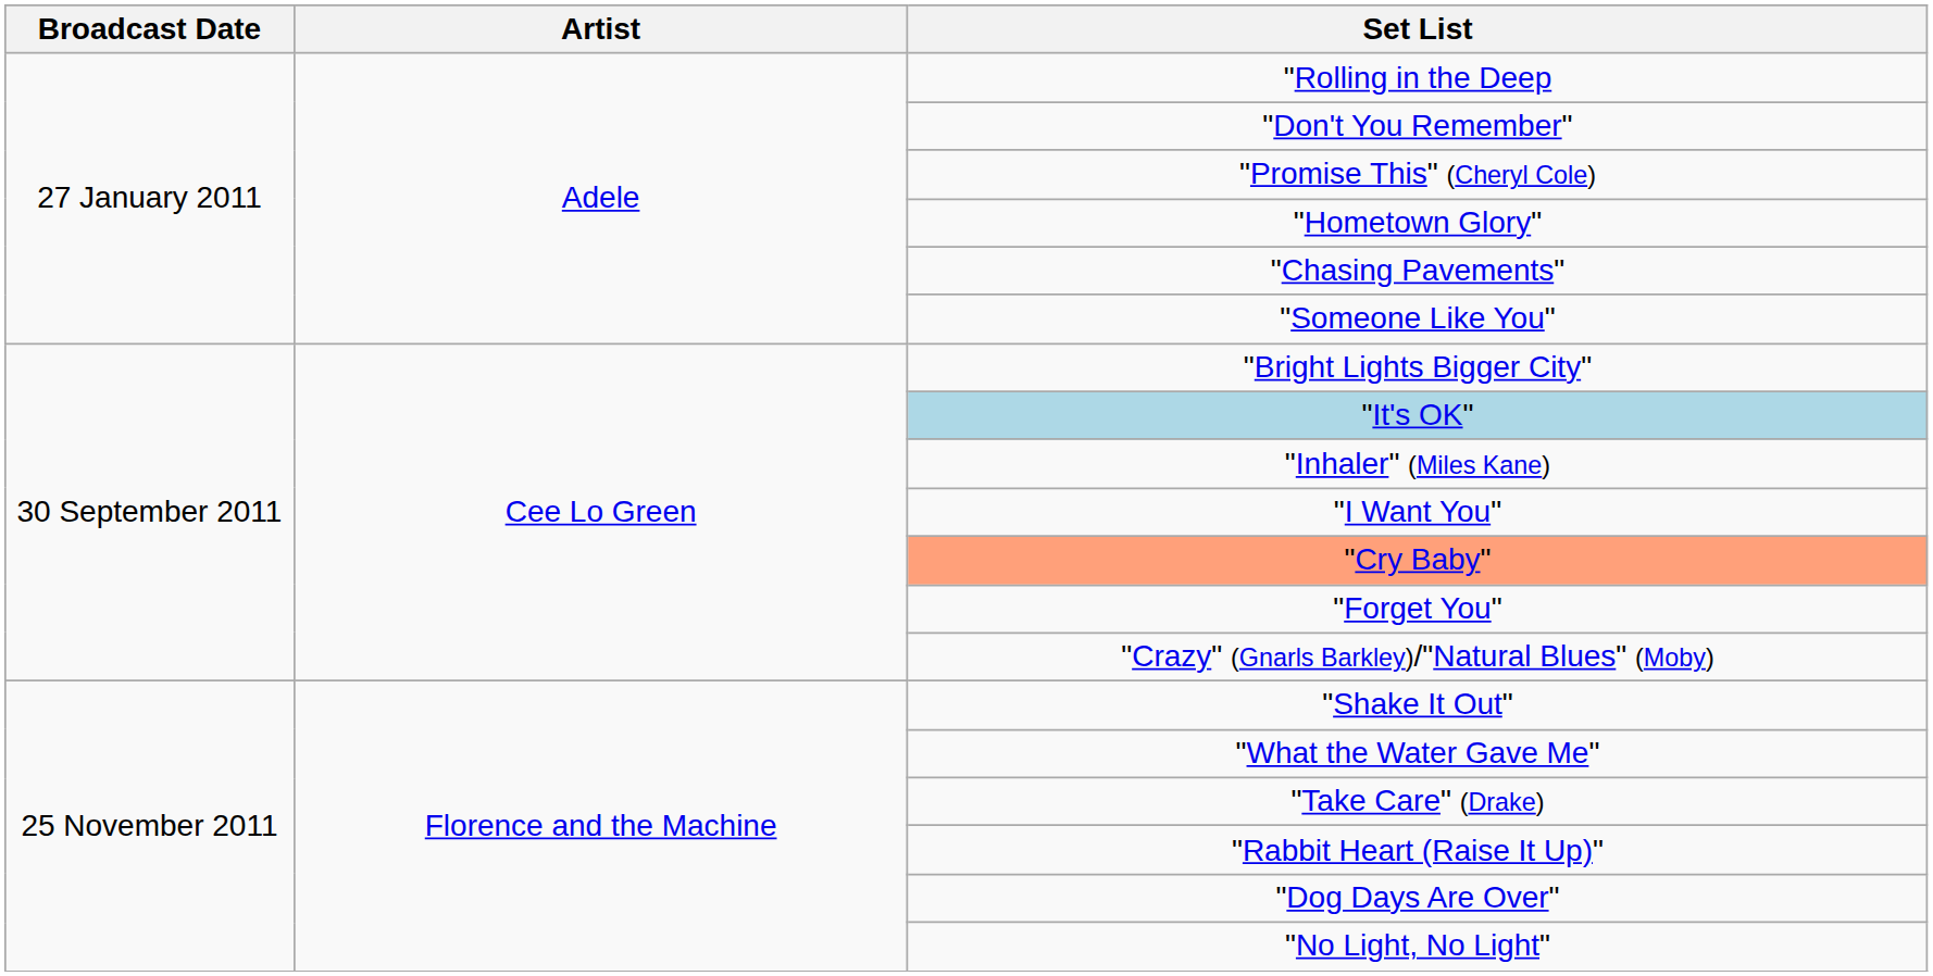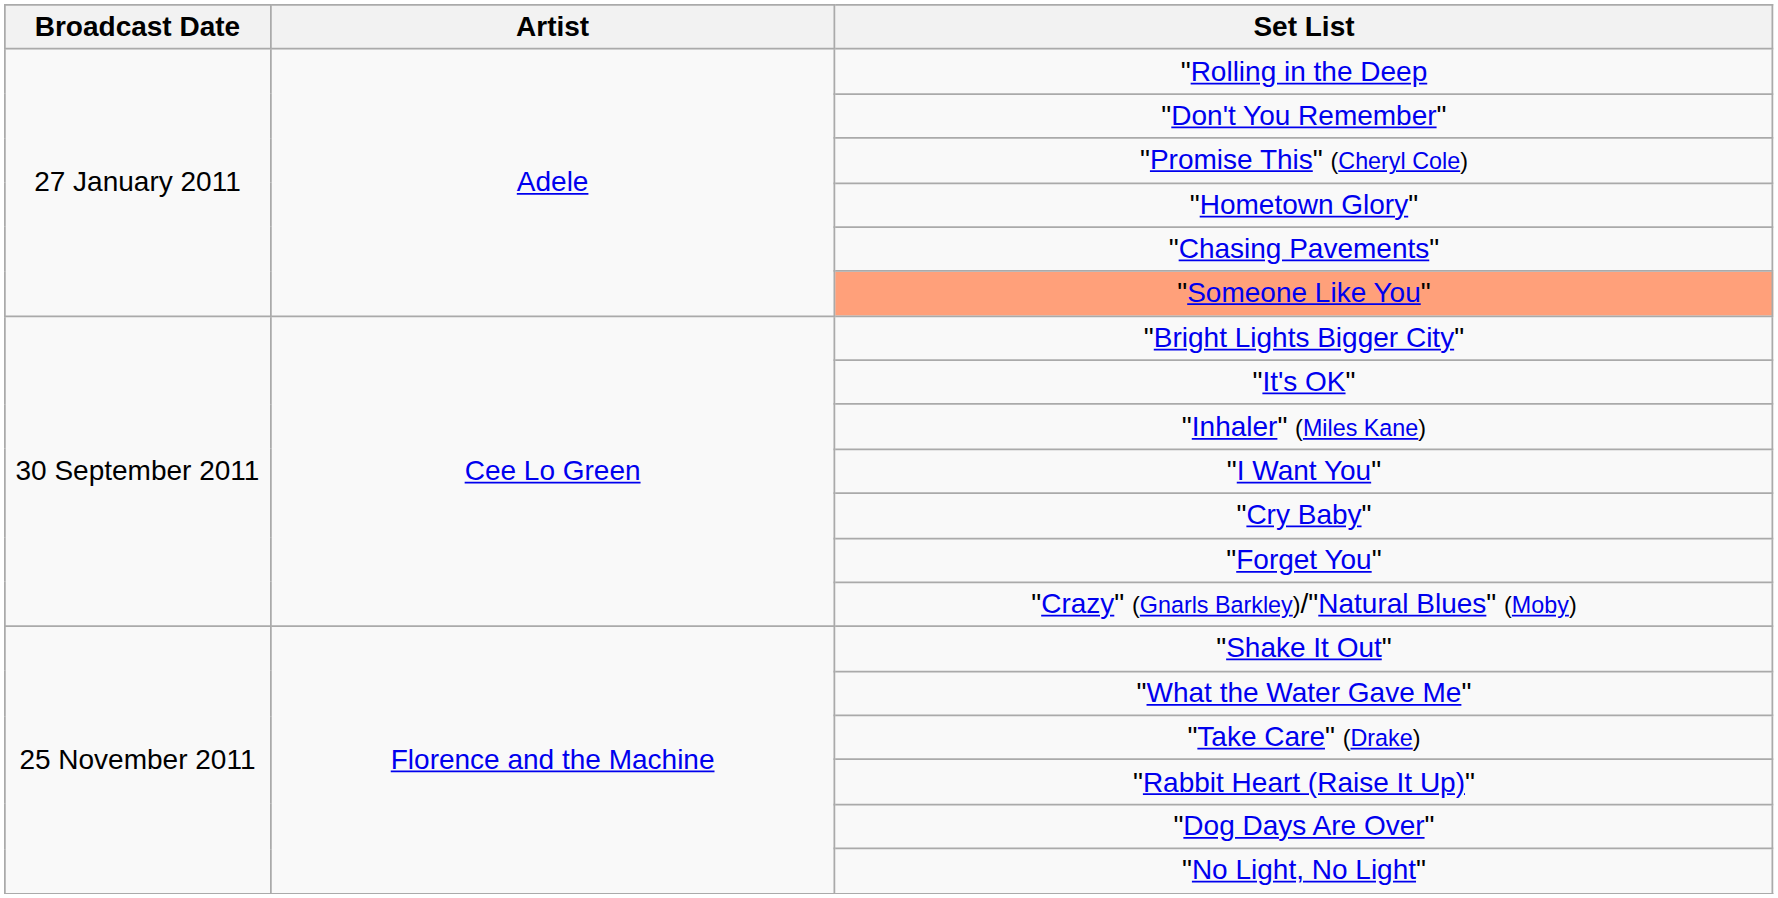 <table class="wikitable" style="text-align:center" width=80%>
 <tr>
 <th width=15%>Broadcast Date</th>
 <th>Artist</th>
 <th>Set List</th>
 </tr>
 <tr>
 <td Rowspan='6'>27 January 2011</td>
 <td Rowspan='6'><a href='#'>Adele</a></td>
 <td>"<a href='#'>Rolling in the Deep</a></td>
 </tr>
 <tr>
 <td>"<a href='#'>Don't You Remember</a>"</td>
 </tr>
 <tr>
 <td>"<a href='#'>Promise This</a>" <small>(<a href='#'>Cheryl Cole</a>)</small></td>
 </tr>
 <tr>
 <td>"<a href='#'>Hometown Glory</a>"</td>
 </tr>
 <tr>
 <td>"<a href='#'>Chasing Pavements</a>"</td>
 </tr>
 <tr>
-<td>"<a href='#'>Someone Like You</a>"</td>
+<td style="background: lightsalmon;">"<a href='#'>Someone Like You</a>"</td>
 </tr>
 <tr>
 <td Rowspan='7'>30 September 2011</td>
 <td Rowspan='7'><a href='#'>Cee Lo Green</a></td>
 <td>"<a href='#'>Bright Lights Bigger City</a>"</td>
 </tr>
 <tr>
-<td style="background: lightblue;">"<a href='#'>It's OK</a>"</td>
+<td>"<a href='#'>It's OK</a>"</td>
 </tr>
 <tr>
 <td>"<a href='#'>Inhaler</a>" <small>(<a href='#'>Miles Kane</a>)</small></td>
 </tr>
 <tr>
 <td>"<a href='#'>I Want You</a>"</td>
 </tr>
 <tr>
-<td style="background: lightsalmon;">"<a href='#'>Cry Baby</a>"</td>
+<td>"<a href='#'>Cry Baby</a>"</td>
 </tr>
 <tr>
 <td>"<a href='#'>Forget You</a>"</td>
 </tr>
 <tr>
 <td>"<a href='#'>Crazy</a>" <small>(<a href='#'>Gnarls Barkley</a>)</small>/"<a href='#'>Natural Blues</a>" <small>(<a href='#'>Moby</a>)</small></td>
 </tr>
 <tr>
 <td Rowspan='6'>25 November 2011</td>
 <td Rowspan='6'><a href='#'>Florence and the Machine</a></td>
 <td>"<a href='#'>Shake It Out</a>"</td>
 </tr>
 <tr>
 <td>"<a href='#'>What the Water Gave Me</a>"</td>
 </tr>
 <tr>
 <td>"<a href='#'>Take Care</a>" <small>(<a href='#'>Drake</a>)</small></td>
 </tr>
 <tr>
 <td>"<a href='#'>Rabbit Heart (Raise It Up)</a>"</td>
 </tr>
 <tr>
 <td>"<a href='#'>Dog Days Are Over</a>"</td>
 </tr>
 <tr>
 <td>"<a href='#'>No Light, No Light</a>"</td>
 </tr>
 <tr>
 </tr>
 </table>
